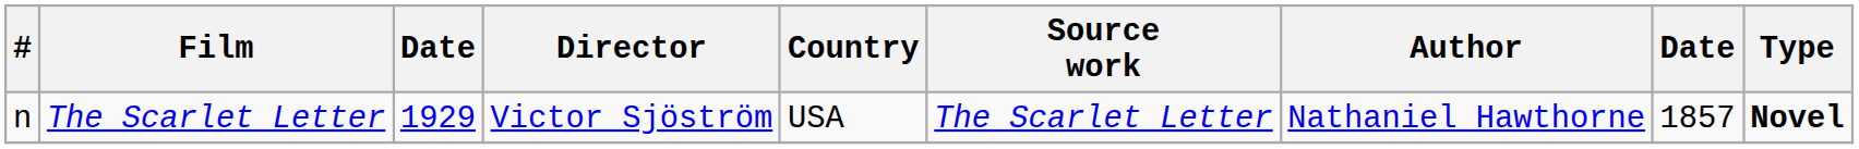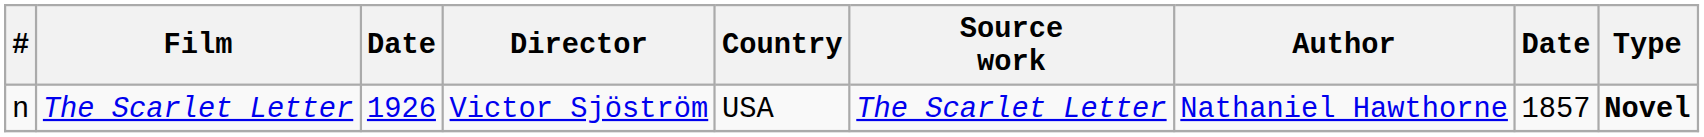 <table class="wikitable">
 <tr>
 <th>#</th>
 <th>Film</th>
 <th>Date</th>
 <th>Director</th>
 <th>Country</th>
 <th>Source<br>work</th>
 <th>Author</th>
 <th>Date</th>
 <th>Type</th>
 </tr>
 <tr>
 <td>n</td>
 <td><em><a href='#'>The Scarlet Letter</a></em></td>
-<td><a href='#'>1929</a></td>
+<td><a href='#'>1926</a></td>
 <td><a href='#'>Victor Sjöström</a></td>
 <td>USA</td>
 <td><em><a href='#'>The Scarlet Letter</a></em></td>
 <td><a href='#'>Nathaniel Hawthorne</a></td>
 <td>1857</td>
 <td><strong>Novel</strong></td>
 </tr>
 <tr>
 </tr>
 </table>
